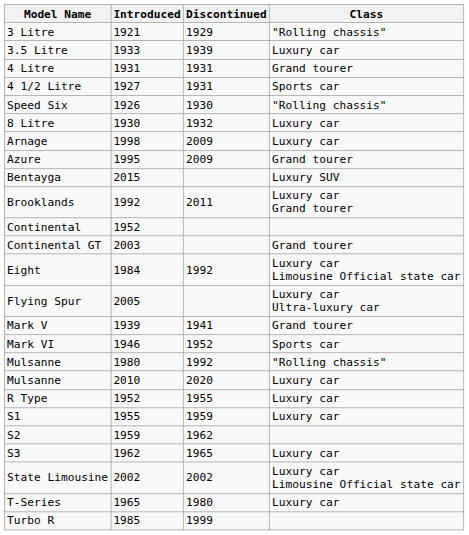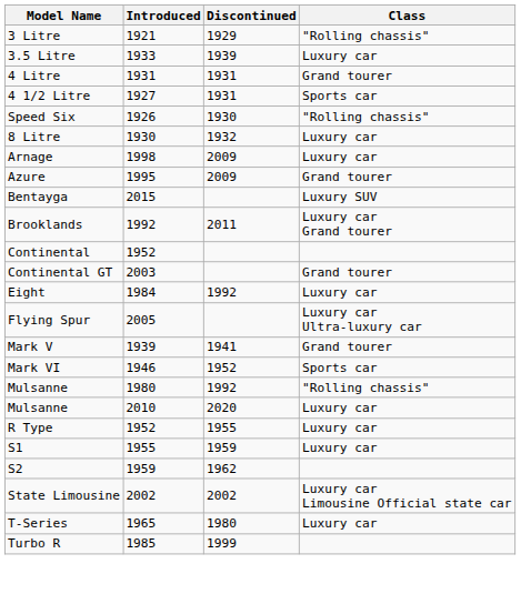 <table class="wikitable sortable mw-collapsible">
 <tr>
 <th>Model Name</th>
 <th>Introduced</th>
 <th>Discontinued</th>
 <th>Class</th>
 </tr>
 <tr>
 <td>3 Litre</td>
 <td>1921</td>
 <td>1929</td>
 <td>"Rolling chassis"</td>
 </tr>
 <tr>
 <td>3.5 Litre</td>
 <td>1933</td>
 <td>1939</td>
 <td>Luxury car</td>
 </tr>
 <tr>
 <td>4 Litre</td>
 <td>1931</td>
 <td>1931</td>
 <td>Grand tourer</td>
 </tr>
 <tr>
 <td>4 1/2 Litre</td>
 <td>1927</td>
 <td>1931</td>
 <td>Sports car</td>
 </tr>
 <tr>
 <td>Speed Six</td>
 <td>1926</td>
 <td>1930</td>
 <td>"Rolling chassis"</td>
 </tr>
 <tr>
 <td>8 Litre</td>
 <td>1930</td>
 <td>1932</td>
 <td>Luxury car</td>
 </tr>
 <tr>
 <td>Arnage</td>
 <td>1998</td>
 <td>2009</td>
 <td>Luxury car</td>
 </tr>
 <tr>
 <td>Azure</td>
 <td>1995</td>
 <td>2009</td>
 <td>Grand tourer</td>
 </tr>
 <tr>
 <td>Bentayga</td>
 <td>2015</td>
 <td></td>
 <td>Luxury SUV</td>
 </tr>
 <tr>
 <td>Brooklands</td>
 <td>1992</td>
 <td>2011</td>
 <td>Luxury car<br>Grand tourer</td>
 </tr>
 <tr>
 <td>Continental</td>
 <td>1952</td>
 <td></td>
 <td></td>
 </tr>
 <tr>
 <td>Continental GT</td>
 <td>2003</td>
 <td></td>
 <td>Grand tourer</td>
 </tr>
 <tr>
 <td>Eight</td>
 <td>1984</td>
 <td>1992</td>
-<td>Luxury car<br>Limousine Official state car</td>
+<td>Luxury car</td>
 </tr>
 <tr>
 <td>Flying Spur</td>
 <td>2005</td>
 <td></td>
 <td>Luxury car<br>Ultra-luxury car</td>
 </tr>
 <tr>
 <td>Mark V</td>
 <td>1939</td>
 <td>1941</td>
 <td>Grand tourer</td>
 </tr>
 <tr>
 <td>Mark VI</td>
 <td>1946</td>
 <td>1952</td>
 <td>Sports car</td>
 </tr>
 <tr>
 <td>Mulsanne</td>
 <td>1980</td>
 <td>1992</td>
 <td>"Rolling chassis"</td>
 </tr>
 <tr>
 <td>Mulsanne</td>
 <td>2010</td>
 <td>2020</td>
 <td>Luxury car</td>
 </tr>
 <tr>
 <td>R Type</td>
 <td>1952</td>
 <td>1955</td>
 <td>Luxury car</td>
 </tr>
 <tr>
 <td>S1</td>
 <td>1955</td>
 <td>1959</td>
 <td>Luxury car</td>
 </tr>
 <tr>
 <td>S2</td>
 <td>1959</td>
 <td>1962</td>
 <td></td>
 </tr>
 <tr>
-<td>S3</td>
-<td>1962</td>
-<td>1965</td>
-<td>Luxury car</td>
-</tr>
-<tr>
 <td>State Limousine</td>
 <td>2002</td>
 <td>2002</td>
 <td>Luxury car<br>Limousine Official state car</td>
 </tr>
 <tr>
 <td>T-Series</td>
 <td>1965</td>
 <td>1980</td>
 <td>Luxury car</td>
 </tr>
 <tr>
 <td>Turbo R</td>
 <td>1985</td>
 <td>1999</td>
 <td></td>
 </tr>
 </table>
